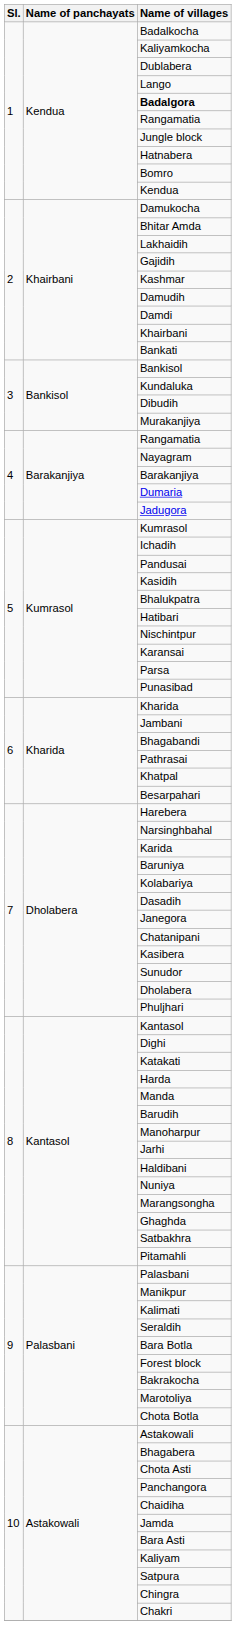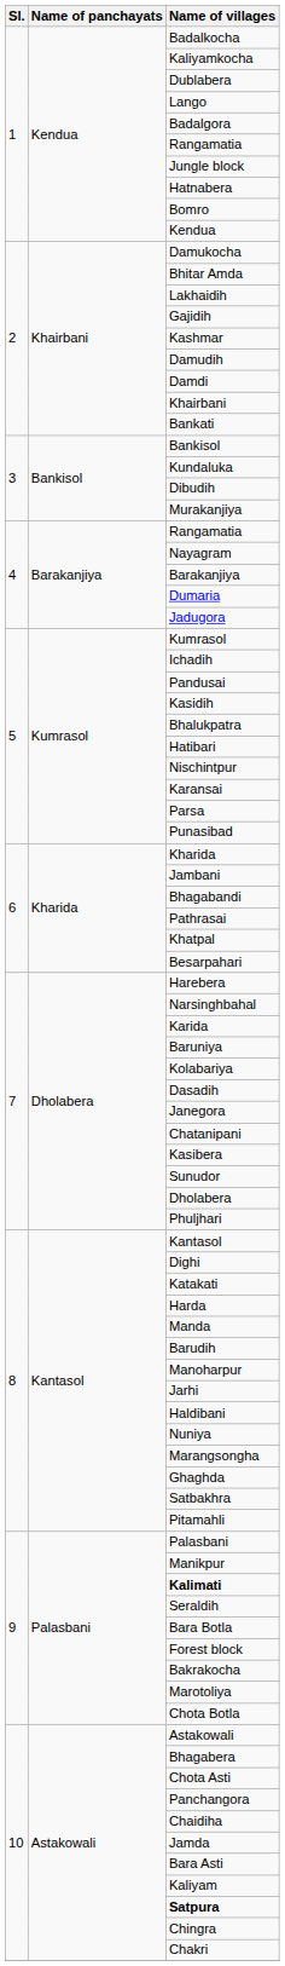 <table class="wikitable plainrowheaders sortable">
 <tr>
 <th scope="col">Sl.</th>
 <th scope="col">Name of panchayats</th>
 <th scope="col">Name of villages</th>
 </tr>
 <tr>
 <td rowspan="10">1</td>
 <td rowspan="10">Kendua</td>
 <td>Badalkocha</td>
 </tr>
 <tr>
 <td>Kaliyamkocha</td>
 </tr>
 <tr>
 <td>Dublabera</td>
 </tr>
 <tr>
 <td>Lango</td>
 </tr>
 <tr>
-<td><strong>Badalgora</strong></td>
+<td>Badalgora</td>
 </tr>
 <tr>
 <td>Rangamatia</td>
 </tr>
 <tr>
 <td>Jungle block</td>
 </tr>
 <tr>
 <td>Hatnabera</td>
 </tr>
 <tr>
 <td>Bomro</td>
 </tr>
 <tr>
 <td>Kendua</td>
 </tr>
 <tr>
 <td rowspan="9">2</td>
 <td rowspan="9">Khairbani</td>
 <td>Damukocha</td>
 </tr>
 <tr>
 <td>Bhitar Amda</td>
 </tr>
 <tr>
 <td>Lakhaidih</td>
 </tr>
 <tr>
 <td>Gajidih</td>
 </tr>
 <tr>
 <td>Kashmar</td>
 </tr>
 <tr>
 <td>Damudih</td>
 </tr>
 <tr>
 <td>Damdi</td>
 </tr>
 <tr>
 <td>Khairbani</td>
 </tr>
 <tr>
 <td>Bankati</td>
 </tr>
 <tr>
 <td rowspan="4">3</td>
 <td rowspan="4">Bankisol</td>
 <td>Bankisol</td>
 </tr>
 <tr>
 <td>Kundaluka</td>
 </tr>
 <tr>
 <td>Dibudih</td>
 </tr>
 <tr>
 <td>Murakanjiya</td>
 </tr>
 <tr>
 <td rowspan="5">4</td>
 <td rowspan="5">Barakanjiya</td>
 <td>Rangamatia</td>
 </tr>
 <tr>
 <td>Nayagram</td>
 </tr>
 <tr>
 <td>Barakanjiya</td>
 </tr>
 <tr>
 <td><a href='#'>Dumaria</a></td>
 </tr>
 <tr>
 <td><a href='#'>Jadugora</a></td>
 </tr>
 <tr>
 <td rowspan="10">5</td>
 <td rowspan="10">Kumrasol</td>
 <td>Kumrasol</td>
 </tr>
 <tr>
 <td>Ichadih</td>
 </tr>
 <tr>
 <td>Pandusai</td>
 </tr>
 <tr>
 <td>Kasidih</td>
 </tr>
 <tr>
 <td>Bhalukpatra</td>
 </tr>
 <tr>
 <td>Hatibari</td>
 </tr>
 <tr>
 <td>Nischintpur</td>
 </tr>
 <tr>
 <td>Karansai</td>
 </tr>
 <tr>
 <td>Parsa</td>
 </tr>
 <tr>
 <td>Punasibad</td>
 </tr>
 <tr>
 <td rowspan="6">6</td>
 <td rowspan="6">Kharida</td>
 <td>Kharida</td>
 </tr>
 <tr>
 <td>Jambani</td>
 </tr>
 <tr>
 <td>Bhagabandi</td>
 </tr>
 <tr>
 <td>Pathrasai</td>
 </tr>
 <tr>
 <td>Khatpal</td>
 </tr>
 <tr>
 <td>Besarpahari</td>
 </tr>
 <tr>
 <td rowspan="12">7</td>
 <td rowspan="12">Dholabera</td>
 <td>Harebera</td>
 </tr>
 <tr>
 <td>Narsinghbahal</td>
 </tr>
 <tr>
 <td>Karida</td>
 </tr>
 <tr>
 <td>Baruniya</td>
 </tr>
 <tr>
 <td>Kolabariya</td>
 </tr>
 <tr>
 <td>Dasadih</td>
 </tr>
 <tr>
 <td>Janegora</td>
 </tr>
 <tr>
 <td>Chatanipani</td>
 </tr>
 <tr>
 <td>Kasibera</td>
 </tr>
 <tr>
 <td>Sunudor</td>
 </tr>
 <tr>
 <td>Dholabera</td>
 </tr>
 <tr>
 <td>Phuljhari</td>
 </tr>
 <tr>
 <td rowspan="14">8</td>
 <td rowspan="14">Kantasol</td>
 <td>Kantasol</td>
 </tr>
 <tr>
 <td>Dighi</td>
 </tr>
 <tr>
 <td>Katakati</td>
 </tr>
 <tr>
 <td>Harda</td>
 </tr>
 <tr>
 <td>Manda</td>
 </tr>
 <tr>
 <td>Barudih</td>
 </tr>
 <tr>
 <td>Manoharpur</td>
 </tr>
 <tr>
 <td>Jarhi</td>
 </tr>
 <tr>
 <td>Haldibani</td>
 </tr>
 <tr>
 <td>Nuniya</td>
 </tr>
 <tr>
 <td>Marangsongha</td>
 </tr>
 <tr>
 <td>Ghaghda</td>
 </tr>
 <tr>
 <td>Satbakhra</td>
 </tr>
 <tr>
 <td>Pitamahli</td>
 </tr>
 <tr>
 <td rowspan="9">9</td>
 <td rowspan="9">Palasbani</td>
 <td>Palasbani</td>
 </tr>
 <tr>
 <td>Manikpur</td>
 </tr>
 <tr>
-<td>Kalimati</td>
+<td><strong>Kalimati</strong></td>
 </tr>
 <tr>
 <td>Seraldih</td>
 </tr>
 <tr>
 <td>Bara Botla</td>
 </tr>
 <tr>
 <td>Forest block</td>
 </tr>
 <tr>
 <td>Bakrakocha</td>
 </tr>
 <tr>
 <td>Marotoliya</td>
 </tr>
 <tr>
 <td>Chota Botla</td>
 </tr>
 <tr>
 <td rowspan="11">10</td>
 <td rowspan="11">Astakowali</td>
 <td>Astakowali</td>
 </tr>
 <tr>
 <td>Bhagabera</td>
 </tr>
 <tr>
 <td>Chota Asti</td>
 </tr>
 <tr>
 <td>Panchangora</td>
 </tr>
 <tr>
 <td>Chaidiha</td>
 </tr>
 <tr>
 <td>Jamda</td>
 </tr>
 <tr>
 <td>Bara Asti</td>
 </tr>
 <tr>
 <td>Kaliyam</td>
 </tr>
 <tr>
-<td>Satpura</td>
+<td><strong>Satpura</strong></td>
 </tr>
 <tr>
 <td>Chingra</td>
 </tr>
 <tr>
 <td>Chakri</td>
 </tr>
 <tr>
 </tr>
 </table>
